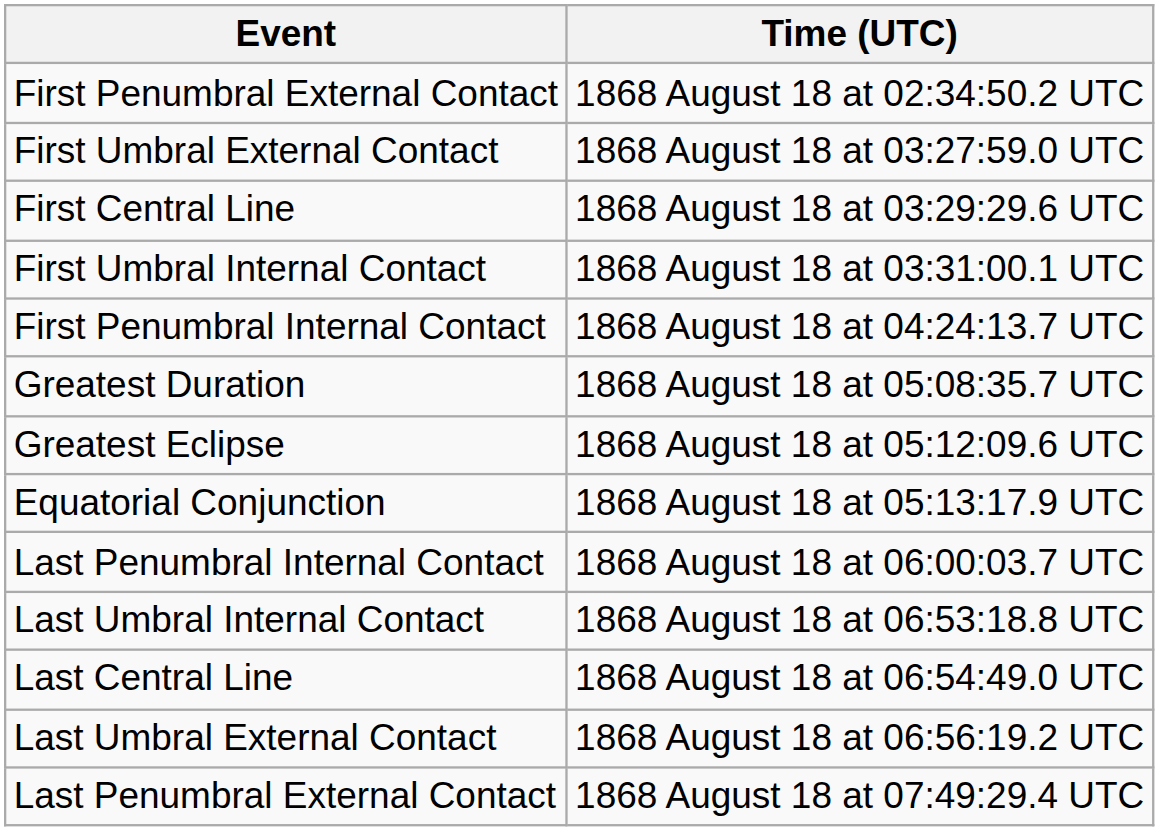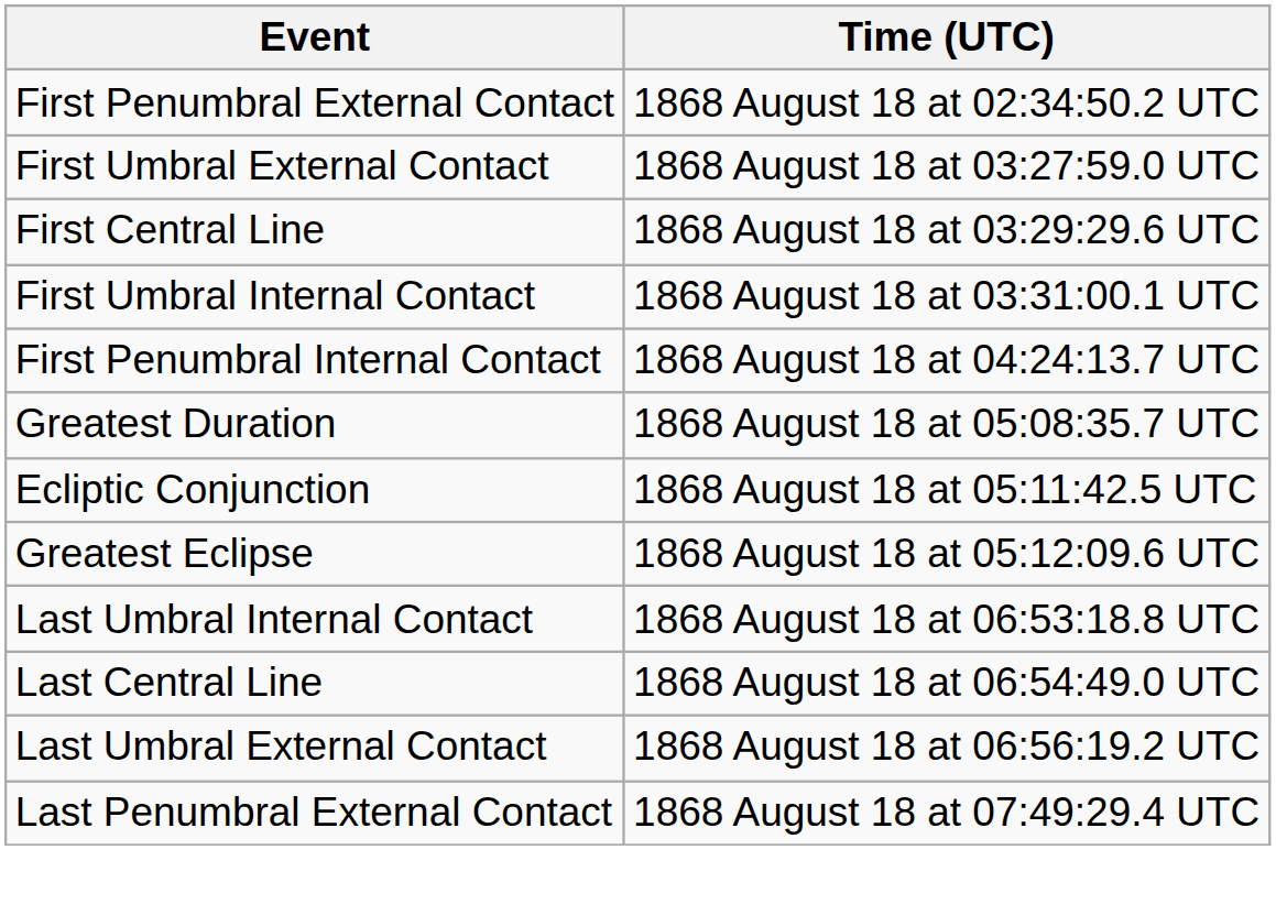 <table class="wikitable">
 <tr>
 <th>Event</th>
 <th>Time (UTC)</th>
 </tr>
 <tr>
 <td>First Penumbral External Contact</td>
 <td>1868 August 18 at 02:34:50.2 UTC</td>
 </tr>
 <tr>
 <td>First Umbral External Contact</td>
 <td>1868 August 18 at 03:27:59.0 UTC</td>
 </tr>
 <tr>
 <td>First Central Line</td>
 <td>1868 August 18 at 03:29:29.6 UTC</td>
 </tr>
 <tr>
 <td>First Umbral Internal Contact</td>
 <td>1868 August 18 at 03:31:00.1 UTC</td>
 </tr>
 <tr>
 <td>First Penumbral Internal Contact</td>
 <td>1868 August 18 at 04:24:13.7 UTC</td>
 </tr>
 <tr>
 <td>Greatest Duration</td>
 <td>1868 August 18 at 05:08:35.7 UTC</td>
 </tr>
 <tr>
+<td>Ecliptic Conjunction</td>
+<td>1868 August 18 at 05:11:42.5 UTC</td>
+</tr>
+<tr>
 <td>Greatest Eclipse</td>
 <td>1868 August 18 at 05:12:09.6 UTC</td>
-</tr>
-<tr>
-<td>Equatorial Conjunction</td>
-<td>1868 August 18 at 05:13:17.9 UTC</td>
-</tr>
-<tr>
-<td>Last Penumbral Internal Contact</td>
-<td>1868 August 18 at 06:00:03.7 UTC</td>
 </tr>
 <tr>
 <td>Last Umbral Internal Contact</td>
 <td>1868 August 18 at 06:53:18.8 UTC</td>
 </tr>
 <tr>
 <td>Last Central Line</td>
 <td>1868 August 18 at 06:54:49.0 UTC</td>
 </tr>
 <tr>
 <td>Last Umbral External Contact</td>
 <td>1868 August 18 at 06:56:19.2 UTC</td>
 </tr>
 <tr>
 <td>Last Penumbral External Contact</td>
 <td>1868 August 18 at 07:49:29.4 UTC</td>
 </tr>
 </table>
